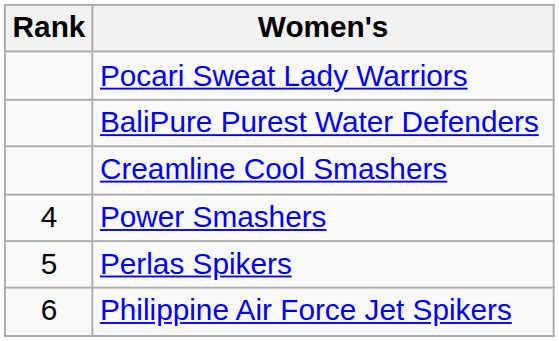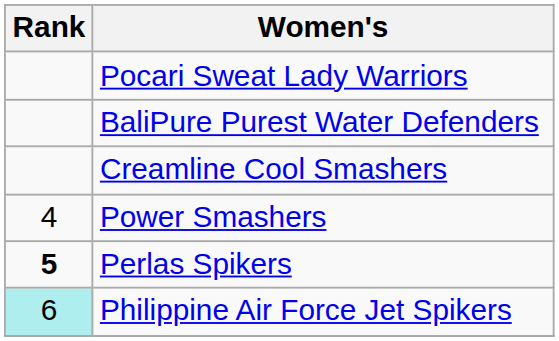 <table class="wikitable" style="text-align: center;">
 <tr>
 <th width=40>Rank</th>
 <th width=240>Women's</th>
 </tr>
 <tr>
 <td></td>
 <td align="left"><a href='#'>Pocari Sweat Lady Warriors</a></td>
 </tr>
 <tr>
 <td></td>
 <td align="left"><a href='#'>BaliPure Purest Water Defenders</a></td>
 </tr>
 <tr>
 <td></td>
 <td align="left"><a href='#'>Creamline Cool Smashers</a></td>
 </tr>
 <tr>
 <td>4</td>
 <td align="left"><a href='#'>Power Smashers</a></td>
 </tr>
 <tr>
-<td>5</td>
+<td><strong>5</strong></td>
 <td align="left"><a href='#'>Perlas Spikers</a></td>
 </tr>
 <tr>
-<td>6</td>
+<td style="background: paleturquoise;">6</td>
 <td align="left"><a href='#'>Philippine Air Force Jet Spikers</a></td>
 </tr>
 <tr>
 </tr>
 </table>
